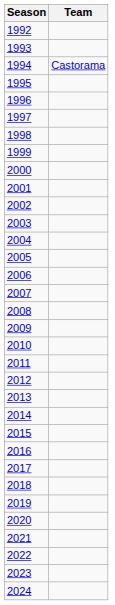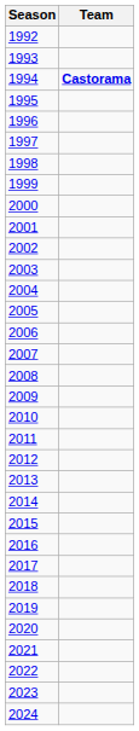 <table class="wikitable">
 <tr>
 <th>Season</th>
 <th>Team</th>
 </tr>
 <tr>
 <td><a href='#'>1992</a></td>
 <td></td>
 </tr>
 <tr>
 <td><a href='#'>1993</a></td>
 <td></td>
 </tr>
 <tr>
 <td><a href='#'>1994</a></td>
-<td><a href='#'>Castorama</a></td>
+<td><strong><a href='#'>Castorama</a></strong></td>
 </tr>
 <tr>
 <td><a href='#'>1995</a></td>
 <td></td>
 </tr>
 <tr>
 <td><a href='#'>1996</a></td>
 <td></td>
 </tr>
 <tr>
 <td><a href='#'>1997</a></td>
 <td></td>
 </tr>
 <tr>
 <td><a href='#'>1998</a></td>
 <td></td>
 </tr>
 <tr>
 <td><a href='#'>1999</a></td>
 <td></td>
 </tr>
 <tr>
 <td><a href='#'>2000</a></td>
 <td></td>
 </tr>
 <tr>
 <td><a href='#'>2001</a></td>
 <td></td>
 </tr>
 <tr>
 <td><a href='#'>2002</a></td>
 <td></td>
 </tr>
 <tr>
 <td><a href='#'>2003</a></td>
 <td></td>
 </tr>
 <tr>
 <td><a href='#'>2004</a></td>
 <td></td>
 </tr>
 <tr>
 <td><a href='#'>2005</a></td>
 <td></td>
 </tr>
 <tr>
 <td><a href='#'>2006</a></td>
 <td></td>
 </tr>
 <tr>
 <td><a href='#'>2007</a></td>
 <td></td>
 </tr>
 <tr>
 <td><a href='#'>2008</a></td>
 <td></td>
 </tr>
 <tr>
 <td><a href='#'>2009</a></td>
 <td></td>
 </tr>
 <tr>
 <td><a href='#'>2010</a></td>
 <td></td>
 </tr>
 <tr>
 <td><a href='#'>2011</a></td>
 <td></td>
 </tr>
 <tr>
 <td><a href='#'>2012</a></td>
 <td></td>
 </tr>
 <tr>
 <td><a href='#'>2013</a></td>
 <td></td>
 </tr>
 <tr>
 <td><a href='#'>2014</a></td>
 <td></td>
 </tr>
 <tr>
 <td><a href='#'>2015</a></td>
 <td></td>
 </tr>
 <tr>
 <td><a href='#'>2016</a></td>
 <td></td>
 </tr>
 <tr>
 <td><a href='#'>2017</a></td>
 <td><br></td>
 </tr>
 <tr>
 <td><a href='#'>2018</a></td>
 <td></td>
 </tr>
 <tr>
 <td><a href='#'>2019</a></td>
 <td></td>
 </tr>
 <tr>
 <td><a href='#'>2020</a></td>
 <td></td>
 </tr>
 <tr>
 <td><a href='#'>2021</a></td>
 <td></td>
 </tr>
 <tr>
 <td><a href='#'>2022</a></td>
 <td></td>
 </tr>
 <tr>
 <td><a href='#'>2023</a></td>
 <td></td>
 </tr>
 <tr>
 <td><a href='#'>2024</a></td>
 <td></td>
 </tr>
 </table>
